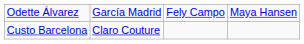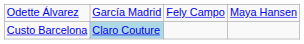 <table class="wikitable">
 <tr>
 <td><a href='#'>Odette Álvarez</a></td>
 <td><a href='#'>García Madrid</a></td>
 <td><a href='#'>Fely Campo</a></td>
 <td><a href='#'>Maya Hansen</a></td>
 </tr>
 <tr>
 <td><a href='#'>Custo Barcelona</a></td>
-<td><a href='#'>Claro Couture</a></td>
+<td style="background: lightblue;"><a href='#'>Claro Couture</a></td>
 <td></td>
 <td></td>
 </tr>
 </table>
